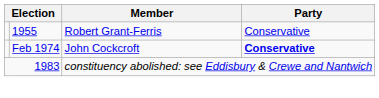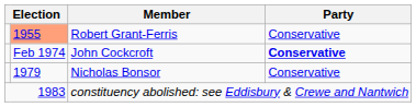 <table class="wikitable">
 <tr>
 <th colspan="2">Election</th>
 <th>Member</th>
 <th>Party</th>
 </tr>
 <tr>
 <td style="color:inherit;background-color: "></td>
-<td><a href='#'>1955</a></td>
+<td style="background: lightsalmon;"><a href='#'>1955</a></td>
 <td><a href='#'>Robert Grant-Ferris</a></td>
 <td><a href='#'>Conservative</a></td>
 </tr>
 <tr>
 <td style="color:inherit;background-color: "></td>
 <td><a href='#'>Feb 1974</a></td>
 <td><a href='#'>John Cockcroft</a></td>
 <td><strong><a href='#'>Conservative</a></strong></td>
 </tr>
 <tr>
+<td style="color:inherit;background-color: "></td>
+<td><a href='#'>1979</a></td>
+<td><a href='#'>Nicholas Bonsor</a></td>
+<td><a href='#'>Conservative</a></td>
+</tr>
+<tr>
 <td colspan="2" align="right"><a href='#'>1983</a></td>
 <td colspan="2"><em>constituency abolished: see <a href='#'>Eddisbury</a> & <a href='#'>Crewe and Nantwich</a></em></td>
 </tr>
 </table>
